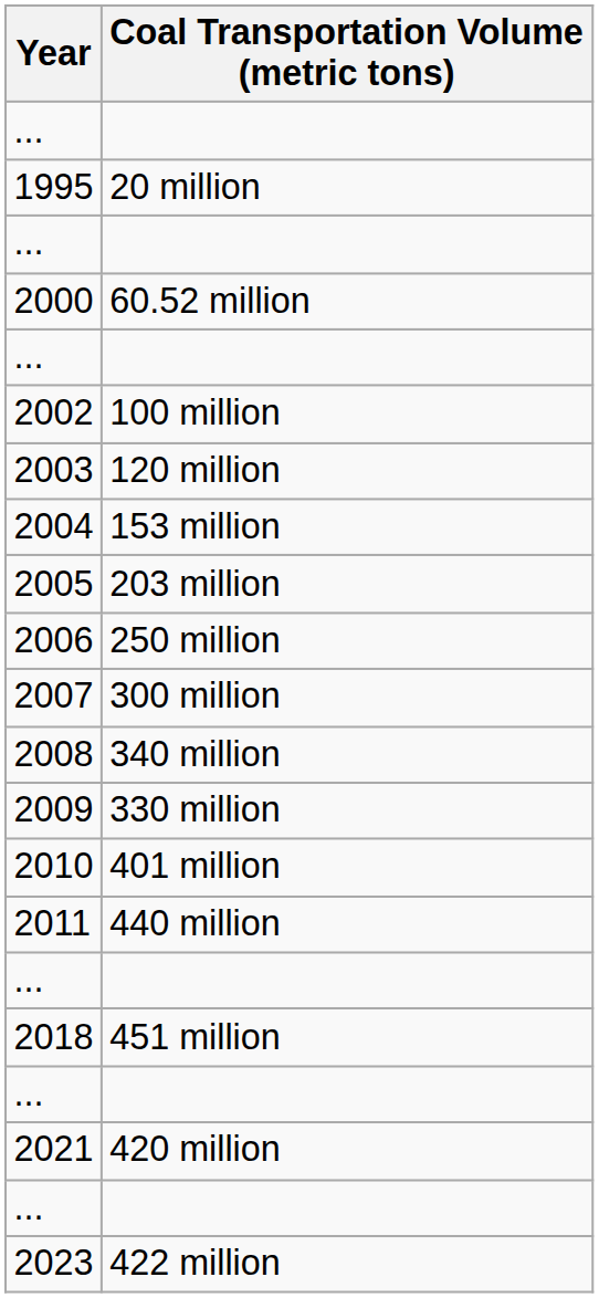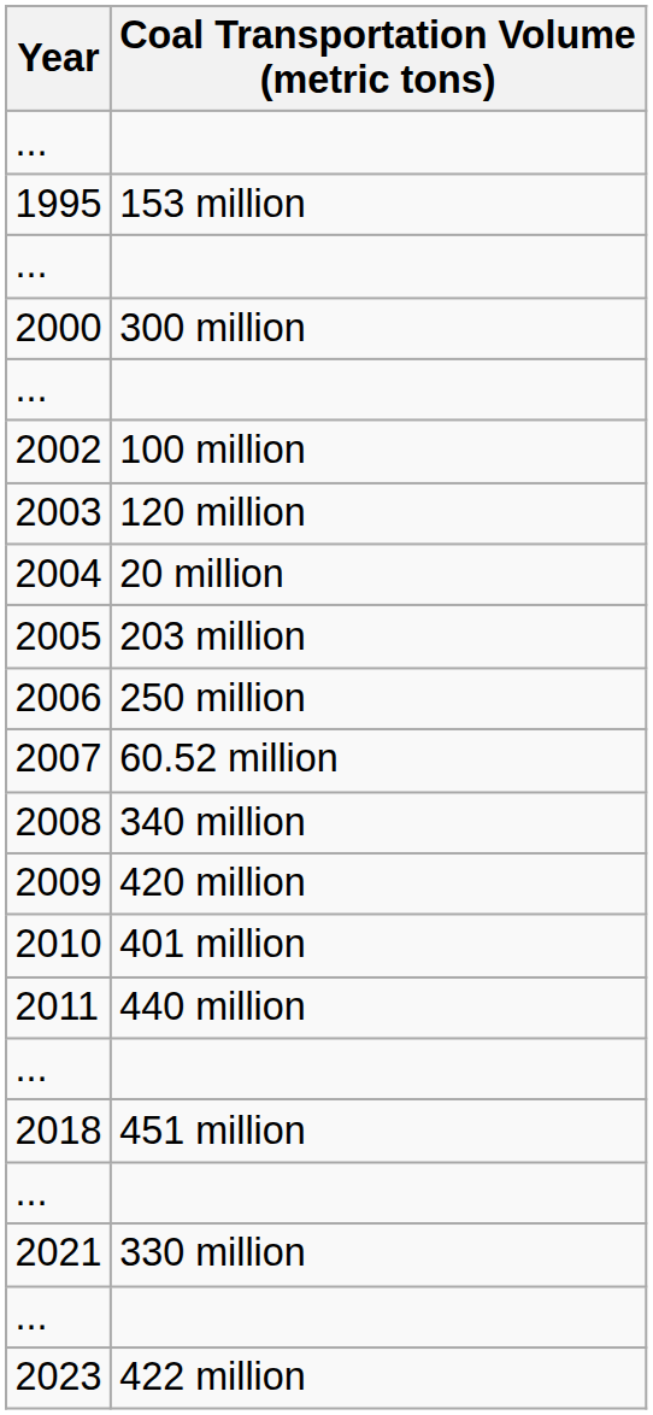 <table class="wikitable" border="1">
 <tr>
 <th>Year</th>
 <th>Coal Transportation Volume<br>(metric tons)</th>
 </tr>
 <tr>
 <td>...</td>
 <td></td>
 </tr>
 <tr>
 <td>1995</td>
-<td>20 million</td>
+<td>153 million</td>
 </tr>
 <tr>
 <td>...</td>
 <td></td>
 </tr>
 <tr>
 <td>2000</td>
-<td>60.52 million</td>
+<td>300 million</td>
 </tr>
 <tr>
 <td>...</td>
 <td></td>
 </tr>
 <tr>
 <td>2002</td>
 <td>100 million</td>
 </tr>
 <tr>
 <td>2003</td>
 <td>120 million</td>
 </tr>
 <tr>
 <td>2004</td>
-<td>153 million</td>
+<td>20 million</td>
 </tr>
 <tr>
 <td>2005</td>
 <td>203 million</td>
 </tr>
 <tr>
 <td>2006</td>
 <td>250 million</td>
 </tr>
 <tr>
 <td>2007</td>
-<td>300 million</td>
+<td>60.52 million</td>
 </tr>
 <tr>
 <td>2008</td>
 <td>340 million</td>
 </tr>
 <tr>
 <td>2009</td>
-<td>330 million</td>
+<td>420 million</td>
 </tr>
 <tr>
 <td>2010</td>
 <td>401 million</td>
 </tr>
 <tr>
 <td>2011</td>
 <td>440 million</td>
 </tr>
 <tr>
 <td>...</td>
 <td></td>
 </tr>
 <tr>
 <td>2018</td>
 <td>451 million</td>
 </tr>
 <tr>
 <td>...</td>
 <td></td>
 </tr>
 <tr>
 <td>2021</td>
-<td>420 million</td>
+<td>330 million</td>
 </tr>
 <tr>
 <td>...</td>
 <td></td>
 </tr>
 <tr>
 <td>2023</td>
 <td>422 million</td>
 </tr>
 </table>
